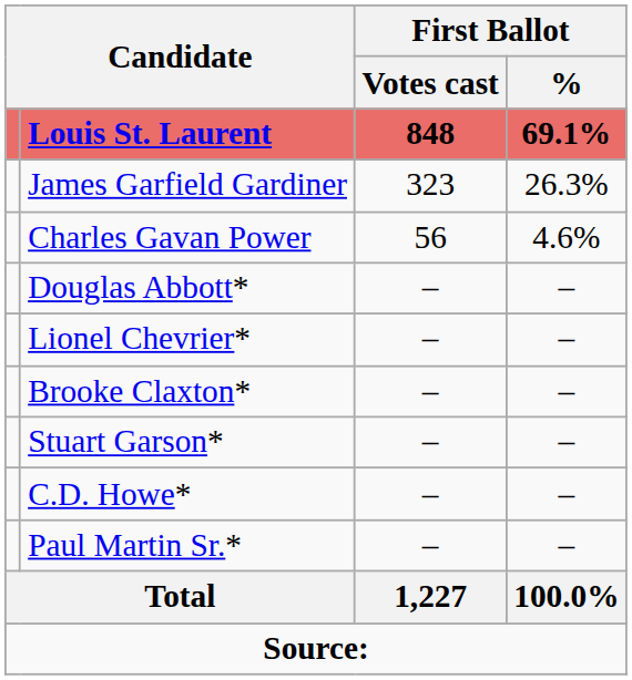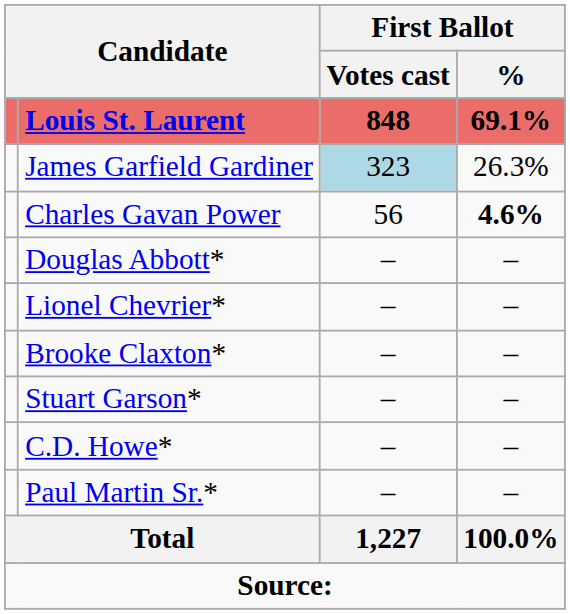 <table class="wikitable">
 <tr>
 <th rowspan="2" colspan="2">Candidate</th>
 <th colspan = "2">First Ballot</th>
 </tr>
 <tr>
 <th>Votes cast</th>
 <th>%</th>
 </tr>
 <tr style="background:#EA6D6A">
 <td></td>
 <td><strong><a href='#'>Louis St. Laurent</a></strong></td>
 <td align = "center"><strong>848</strong></td>
 <td align = "center"><strong>69.1%</strong></td>
 </tr>
 <tr>
 <td></td>
 <td><a href='#'>James Garfield Gardiner</a></td>
-<td align = "center">323</td>
+<td align = "center" style="background: lightblue;">323</td>
 <td align = "center">26.3%</td>
 </tr>
 <tr>
 <td></td>
 <td><a href='#'>Charles Gavan Power</a></td>
 <td align = "center">56</td>
-<td align = "center">4.6%</td>
+<td align = "center"><strong>4.6%</strong></td>
 </tr>
 <tr>
 <td></td>
 <td><a href='#'>Douglas Abbott</a>*</td>
 <td align = "center">–</td>
 <td align = "center">–</td>
 </tr>
 <tr>
 <td></td>
 <td><a href='#'>Lionel Chevrier</a>*</td>
 <td align = "center">–</td>
 <td align = "center">–</td>
 </tr>
 <tr>
 <td></td>
 <td><a href='#'>Brooke Claxton</a>*</td>
 <td align = "center">–</td>
 <td align = "center">–</td>
 </tr>
 <tr>
 <td></td>
 <td><a href='#'>Stuart Garson</a>*</td>
 <td align = "center">–</td>
 <td align = "center">–</td>
 </tr>
 <tr>
 <td></td>
 <td><a href='#'>C.D. Howe</a>*</td>
 <td align = "center">–</td>
 <td align = "center">–</td>
 </tr>
 <tr>
 <td></td>
 <td><a href='#'>Paul Martin Sr.</a>*</td>
 <td align = "center">–</td>
 <td align = "center">–</td>
 </tr>
 <tr>
 <th colspan = "2">Total</th>
 <th align = "center">1,227</th>
 <th align = "center">100.0%</th>
 </tr>
 <tr>
 <td align="center" colspan=12><strong>Source:</strong>  </td>
 </tr>
 </table>
